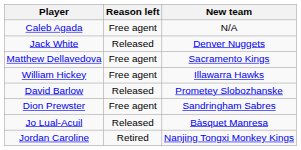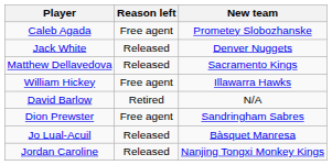 <table class="wikitable sortable sortable" style="text-align: center">
 <tr>
 <th>Player</th>
 <th>Reason left</th>
 <th>New team</th>
 </tr>
 <tr>
 <td><a href='#'>Caleb Agada</a></td>
 <td>Free agent</td>
-<td>N/A</td>
+<td><a href='#'>Prometey Slobozhanske</a></td>
 </tr>
 <tr>
 <td><a href='#'>Jack White</a></td>
 <td>Released</td>
 <td><a href='#'>Denver Nuggets</a></td>
 </tr>
 <tr>
 <td><a href='#'>Matthew Dellavedova</a></td>
-<td>Free agent</td>
+<td>Released</td>
 <td><a href='#'>Sacramento Kings</a></td>
 </tr>
 <tr>
 <td><a href='#'>William Hickey</a></td>
 <td>Free agent</td>
 <td><a href='#'>Illawarra Hawks</a></td>
 </tr>
 <tr>
 <td><a href='#'>David Barlow</a></td>
-<td>Released</td>
-<td><a href='#'>Prometey Slobozhanske</a></td>
+<td>Retired</td>
+<td>N/A</td>
 </tr>
 <tr>
 <td><a href='#'>Dion Prewster</a></td>
 <td>Free agent</td>
 <td><a href='#'>Sandringham Sabres</a></td>
 </tr>
 <tr>
 <td><a href='#'>Jo Lual-Acuil</a></td>
 <td>Released</td>
 <td><a href='#'>Bàsquet Manresa</a></td>
 </tr>
 <tr>
 <td><a href='#'>Jordan Caroline</a></td>
-<td>Retired</td>
+<td>Released</td>
 <td><a href='#'>Nanjing Tongxi Monkey Kings</a></td>
 </tr>
 </table>
